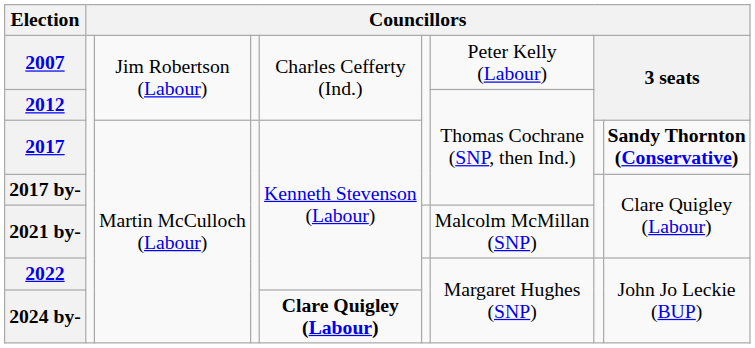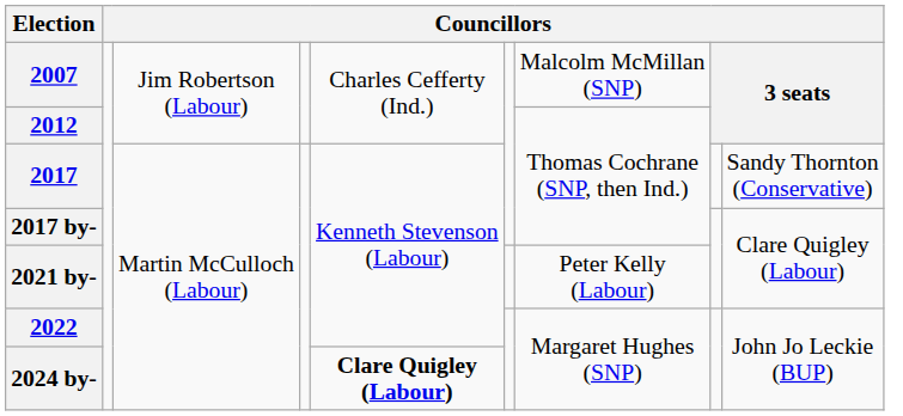 <table class="wikitable" style="text-align:center">
 <tr>
 <th>Election</th>
 <th colspan=8>Councillors</th>
 </tr>
 <tr>
 <th><a href='#'>2007</a></th>
 <td rowspan=7; style="background-color: "></td>
 <td rowspan=2>Jim Robertson<br>(<a href='#'>Labour</a>)</td>
 <td rowspan=2; style="background-color: "></td>
 <td rowspan=2>Charles Cefferty<br>(Ind.)</td>
 <td rowspan=4; style="background-color: "></td>
-<td rowspan=1>Peter Kelly<br>(<a href='#'>Labour</a>)</td>
+<td rowspan=1>Malcolm McMillan<br>(<a href='#'>SNP</a>)</td>
 <th colspan=2; rowspan=2>3 seats</th>
 </tr>
 <tr>
 <th><a href='#'>2012</a></th>
 <td rowspan=3>Thomas Cochrane<br>(<a href='#'>SNP</a>, then Ind.)</td>
 </tr>
 <tr>
 <th><a href='#'>2017</a></th>
 <td rowspan=5>Martin McCulloch<br>(<a href='#'>Labour</a>)</td>
 <td rowspan=5; style="background-color: "></td>
 <td rowspan=4><a href='#'>Kenneth Stevenson</a><br>(<a href='#'>Labour</a>)</td>
 <td rowspan=1; style="background-color: "></td>
-<td rowspan=1><strong>Sandy Thornton<br>(<a href='#'>Conservative</a>)</strong></td>
+<td rowspan=1>Sandy Thornton<br>(<a href='#'>Conservative</a>)</td>
 </tr>
 <tr>
 <th>2017 by-</th>
 <td rowspan=2; style="background-color: "></td>
 <td rowspan=2>Clare Quigley<br>(<a href='#'>Labour</a>)</td>
 </tr>
 <tr>
 <th>2021 by-</th>
 <td rowspan=1; style="background-color: "></td>
-<td rowspan=1>Malcolm McMillan<br>(<a href='#'>SNP</a>)</td>
+<td rowspan=1>Peter Kelly<br>(<a href='#'>Labour</a>)</td>
 </tr>
 <tr>
 <th><a href='#'>2022</a></th>
 <td rowspan=2; style="background-color: "></td>
 <td rowspan=2>Margaret Hughes<br>(<a href='#'>SNP</a>)</td>
 <td rowspan=2; style="background-color: "></td>
 <td rowspan=2>John Jo Leckie<br>(<a href='#'>BUP</a>)</td>
 </tr>
 <tr>
 <th>2024 by-</th>
 <td rowspan=1><strong>Clare Quigley<br>(<a href='#'>Labour</a>)</strong></td>
 </tr>
 </table>
